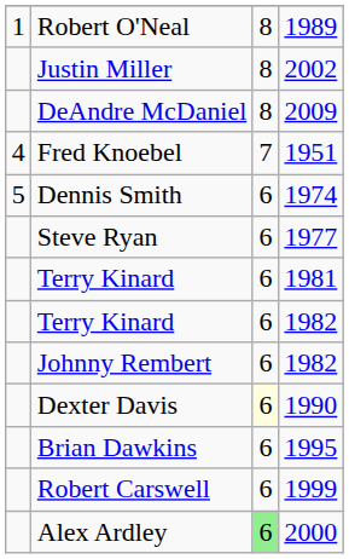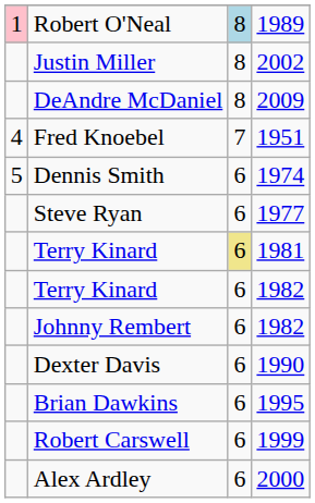 <table class="wikitable">
 <tr>
 </tr>
 <tr>
-<td>1</td>
+<td style="background: pink;">1</td>
 <td>Robert O'Neal</td>
-<td>8</td>
+<td style="background: lightblue;">8</td>
 <td><a href='#'>1989</a></td>
 </tr>
 <tr>
 <td></td>
 <td><a href='#'>Justin Miller</a></td>
 <td>8</td>
 <td><a href='#'>2002</a></td>
 </tr>
 <tr>
 <td></td>
 <td><a href='#'>DeAndre McDaniel</a></td>
 <td>8</td>
 <td><a href='#'>2009</a></td>
 </tr>
 <tr>
 <td>4</td>
 <td>Fred Knoebel</td>
 <td>7</td>
 <td><a href='#'>1951</a></td>
 </tr>
 <tr>
 <td>5</td>
 <td>Dennis Smith</td>
 <td>6</td>
 <td><a href='#'>1974</a></td>
 </tr>
 <tr>
 <td></td>
 <td>Steve Ryan</td>
 <td>6</td>
 <td><a href='#'>1977</a></td>
 </tr>
 <tr>
 <td></td>
 <td><a href='#'>Terry Kinard</a></td>
-<td>6</td>
+<td style="background: khaki;">6</td>
 <td><a href='#'>1981</a></td>
 </tr>
 <tr>
 <td></td>
 <td><a href='#'>Terry Kinard</a></td>
 <td>6</td>
 <td><a href='#'>1982</a></td>
 </tr>
 <tr>
 <td></td>
 <td><a href='#'>Johnny Rembert</a></td>
 <td>6</td>
 <td><a href='#'>1982</a></td>
 </tr>
 <tr>
 <td></td>
 <td>Dexter Davis</td>
-<td style="background: lightyellow;">6</td>
+<td>6</td>
 <td><a href='#'>1990</a></td>
 </tr>
 <tr>
 <td></td>
 <td><a href='#'>Brian Dawkins</a></td>
 <td>6</td>
 <td><a href='#'>1995</a></td>
 </tr>
 <tr>
 <td></td>
 <td><a href='#'>Robert Carswell</a></td>
 <td>6</td>
 <td><a href='#'>1999</a></td>
 </tr>
 <tr>
 <td></td>
 <td>Alex Ardley</td>
-<td style="background: lightgreen;">6</td>
+<td>6</td>
 <td><a href='#'>2000</a></td>
 </tr>
 </table>
